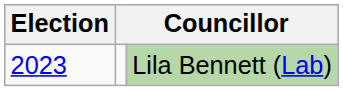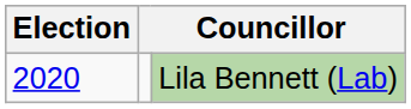 <table class="wikitable">
 <tr>
 <th>Election</th>
 <th colspan="2">Councillor</th>
 </tr>
 <tr>
-<td><a href='#'>2023</a></td>
+<td><a href='#'>2020</a></td>
 <td style="background-color: "></td>
 <td bgcolor="#B6D7A8">Lila Bennett (<a href='#'>Lab</a>)</td>
 </tr>
 </table>
